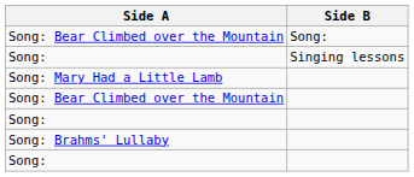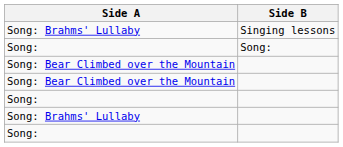 <table class="wikitable">
 <tr>
 <th>Side A</th>
 <th>Side B</th>
 </tr>
 <tr>
-<td>Song: <a href='#'>Bear Climbed over the Mountain</a></td>
+<td>Song: <a href='#'>Brahms' Lullaby</a></td>
+<td>Singing lessons</td>
+</tr>
+<tr>
+<td>Song: </td>
 <td>Song: </td>
 </tr>
 <tr>
-<td>Song: </td>
-<td>Singing lessons</td>
-</tr>
-<tr>
-<td>Song: <a href='#'>Mary Had a Little Lamb</a></td>
+<td>Song: <a href='#'>Bear Climbed over the Mountain</a></td>
 <td></td>
 </tr>
 <tr>
 <td>Song: <a href='#'>Bear Climbed over the Mountain</a></td>
 <td></td>
 </tr>
 <tr>
 <td>Song: </td>
 <td></td>
 </tr>
 <tr>
 <td>Song: <a href='#'>Brahms' Lullaby</a></td>
 <td></td>
 </tr>
 <tr>
 <td>Song: </td>
 <td></td>
 </tr>
 </table>
